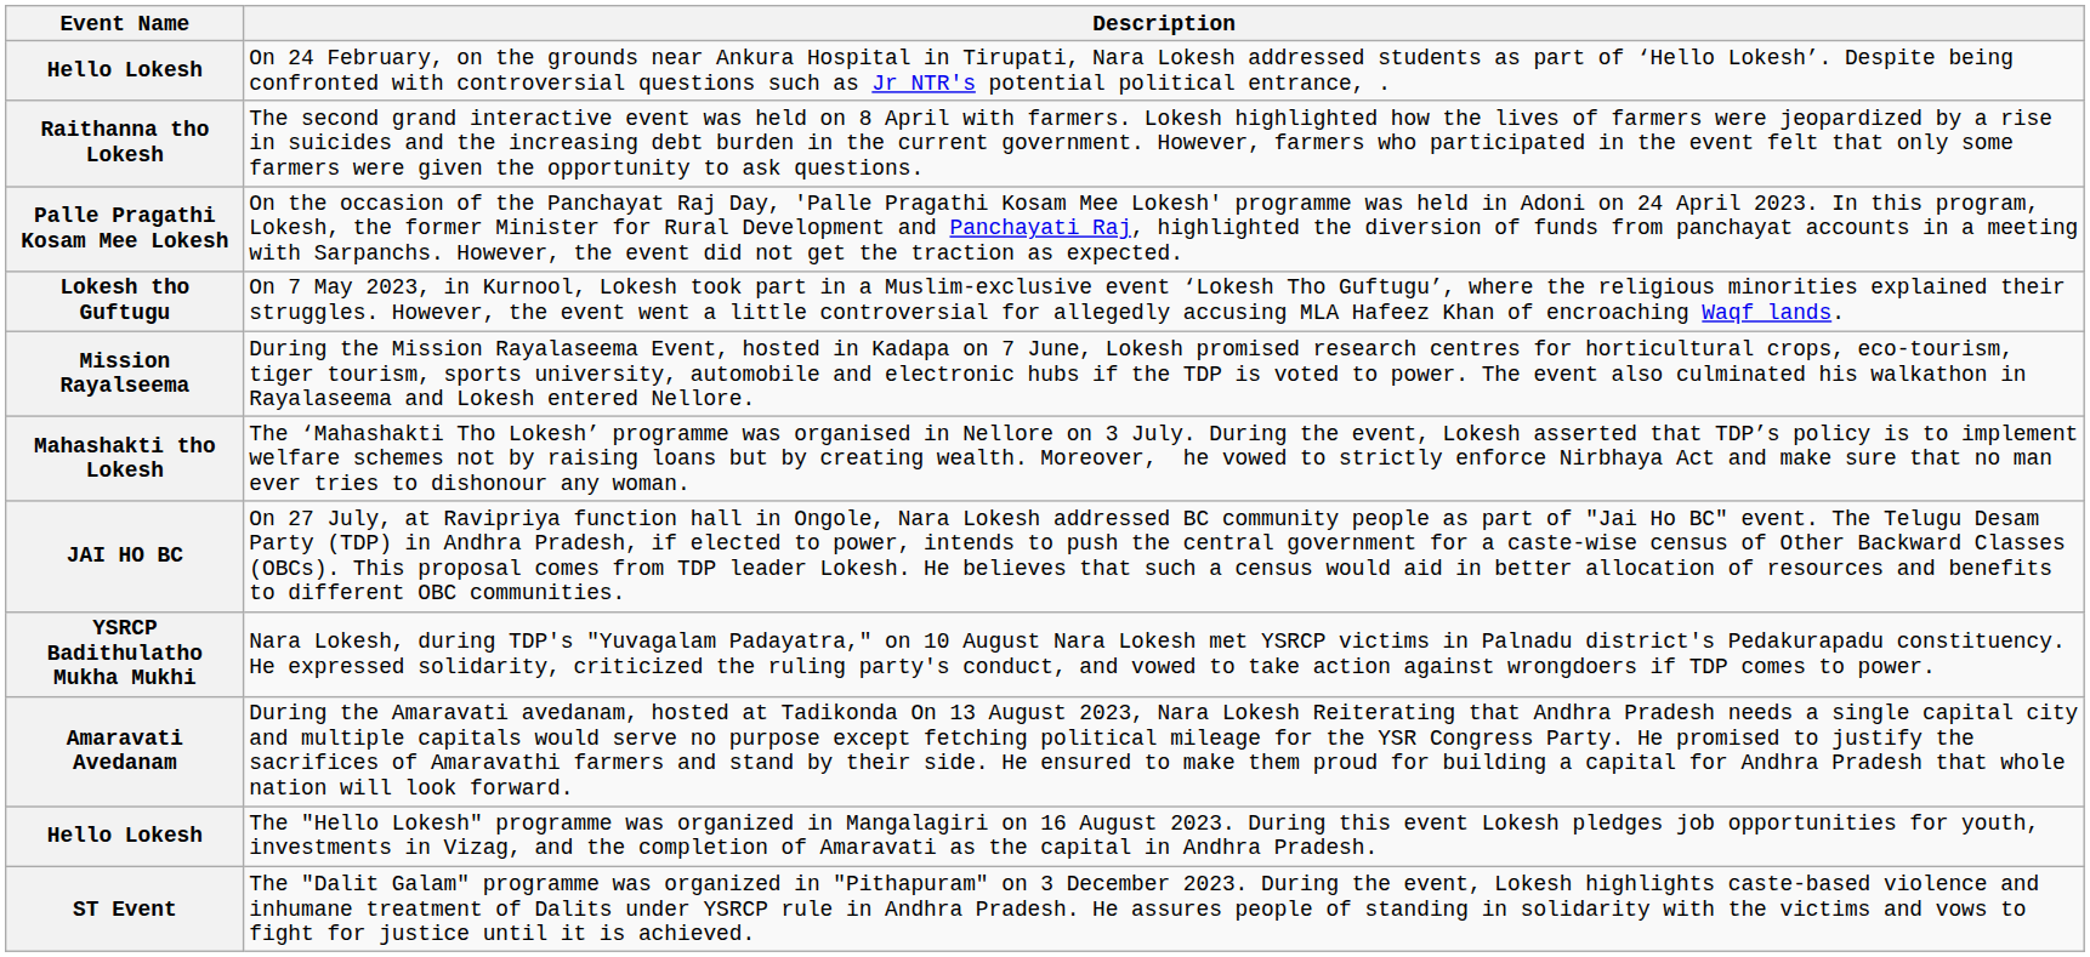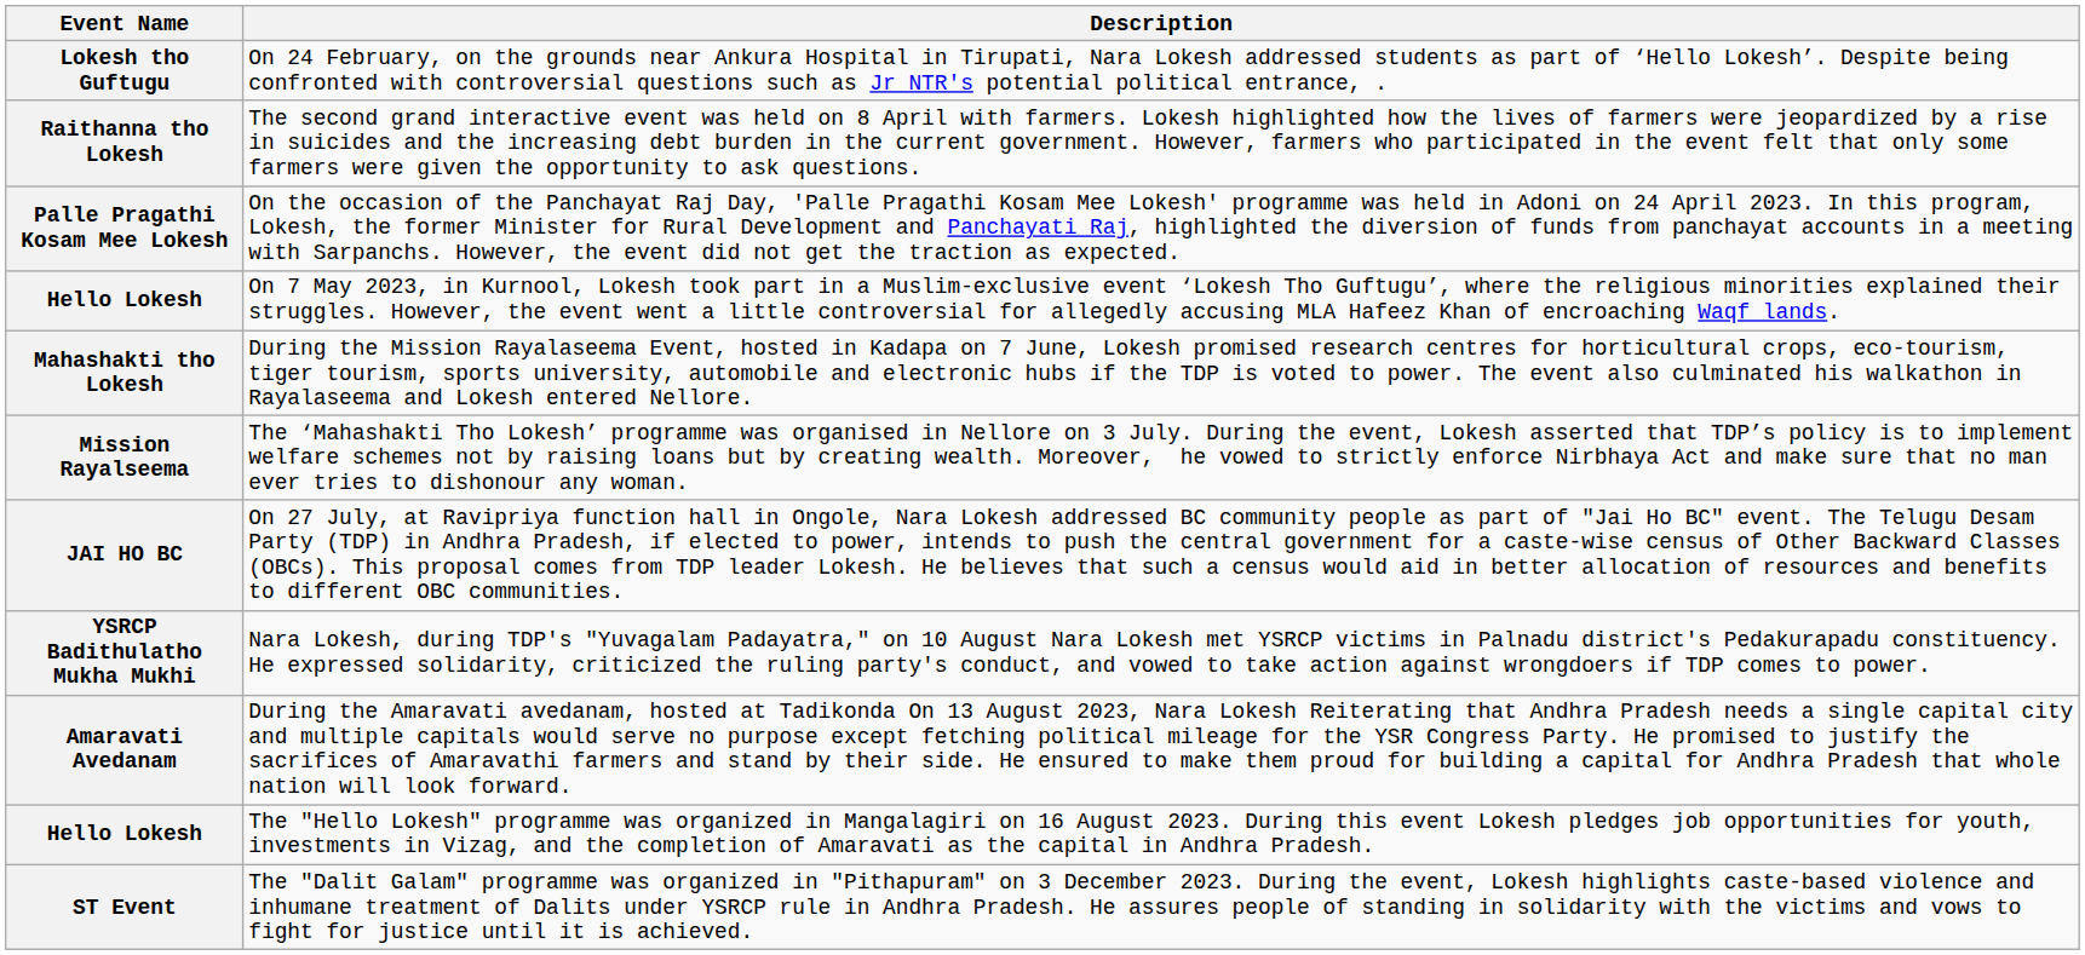 <table class="wikitable">
 <tr>
 <th>Event Name</th>
 <th>Description</th>
 </tr>
 <tr>
-<th><strong>Hello Lokesh</strong></th>
+<th><strong>Lokesh tho Guftugu</strong></th>
 <td>On 24 February, on the grounds near Ankura Hospital in Tirupati, Nara Lokesh addressed students as part of ‘Hello Lokesh’. Despite being confronted with controversial questions such as <a href='#'>Jr NTR's</a> potential political entrance, .</td>
 </tr>
 <tr>
 <th><strong>Raithanna tho Lokesh</strong></th>
 <td>The second grand interactive event was held on 8 April with farmers. Lokesh highlighted how the lives of farmers were jeopardized by a rise in suicides and the increasing debt burden in the current government. However, farmers who participated in the event felt that only some farmers were given the opportunity to ask questions.</td>
 </tr>
 <tr>
 <th><strong>Palle Pragathi Kosam Mee Lokesh</strong></th>
 <td>On the occasion of the Panchayat Raj Day, 'Palle Pragathi Kosam Mee Lokesh' programme was held in Adoni on 24 April 2023. In this program, Lokesh, the former Minister for Rural Development and <a href='#'>Panchayati Raj</a>, highlighted the diversion of funds from panchayat accounts in a meeting with Sarpanchs. However, the event did not get the traction as expected.</td>
 </tr>
 <tr>
-<th><strong>Lokesh tho Guftugu</strong></th>
+<th><strong>Hello Lokesh</strong></th>
 <td>On 7 May 2023, in Kurnool, Lokesh took part in a Muslim-exclusive event ‘Lokesh Tho Guftugu’, where the religious minorities explained their struggles. However, the event went a little controversial for allegedly accusing MLA Hafeez Khan of encroaching <a href='#'>Waqf lands</a>.</td>
 </tr>
 <tr>
-<th><strong>Mission Rayalseema</strong></th>
+<th><strong>Mahashakti tho Lokesh</strong></th>
 <td>During the Mission Rayalaseema Event, hosted in Kadapa on 7 June, Lokesh promised research centres for horticultural crops, eco-tourism, tiger tourism, sports university, automobile and electronic hubs if the TDP is voted to power. The event also culminated his walkathon in Rayalaseema and Lokesh entered Nellore.</td>
 </tr>
 <tr>
-<th><strong>Mahashakti tho Lokesh</strong></th>
+<th><strong>Mission Rayalseema</strong></th>
 <td>The ‘Mahashakti Tho Lokesh’ programme was organised in Nellore on 3 July. During the event, Lokesh asserted that TDP’s policy is to implement welfare schemes not by raising loans but by creating wealth. Moreover,  he vowed to strictly enforce Nirbhaya Act and make sure that no man ever tries to dishonour any woman.</td>
 </tr>
 <tr>
 <th>JAI HO BC</th>
 <td>On 27 July, at Ravipriya function hall in Ongole, Nara Lokesh addressed BC community people as part of "Jai Ho BC" event. The Telugu Desam Party (TDP) in Andhra Pradesh, if elected to power, intends to push the central government for a caste-wise census of Other Backward Classes (OBCs). This proposal comes from TDP leader Lokesh. He believes that such a census would aid in better allocation of resources and benefits to different OBC communities.</td>
 </tr>
 <tr>
 <th>YSRCP Badithulatho Mukha Mukhi</th>
 <td>Nara Lokesh, during TDP's "Yuvagalam Padayatra," on 10 August Nara Lokesh met YSRCP victims in Palnadu district's Pedakurapadu constituency. He expressed solidarity, criticized the ruling party's conduct, and vowed to take action against wrongdoers if TDP comes to power.</td>
 </tr>
 <tr>
 <th>Amaravati Avedanam</th>
 <td>During the Amaravati avedanam, hosted at Tadikonda On 13 August 2023, Nara Lokesh Reiterating that Andhra Pradesh needs a single capital city and multiple capitals would serve no purpose except fetching political mileage for the YSR Congress Party. He promised to justify the sacrifices of Amaravathi farmers and stand by their side. He ensured to make them proud for building a capital for Andhra Pradesh that whole nation will look forward.</td>
 </tr>
 <tr>
 <th>Hello Lokesh</th>
 <td>The "Hello Lokesh" programme was organized in Mangalagiri on 16 August 2023. During this event Lokesh pledges job opportunities for youth, investments in Vizag, and the completion of Amaravati as the capital in Andhra Pradesh.</td>
 </tr>
 <tr>
 <th>ST Event</th>
 <td>The "Dalit Galam" programme was organized in "Pithapuram" on 3 December 2023. During the event, Lokesh highlights caste-based violence and inhumane treatment of Dalits under YSRCP rule in Andhra Pradesh. He assures people of standing in solidarity with the victims and vows to fight for justice until it is achieved.</td>
 </tr>
 </table>
